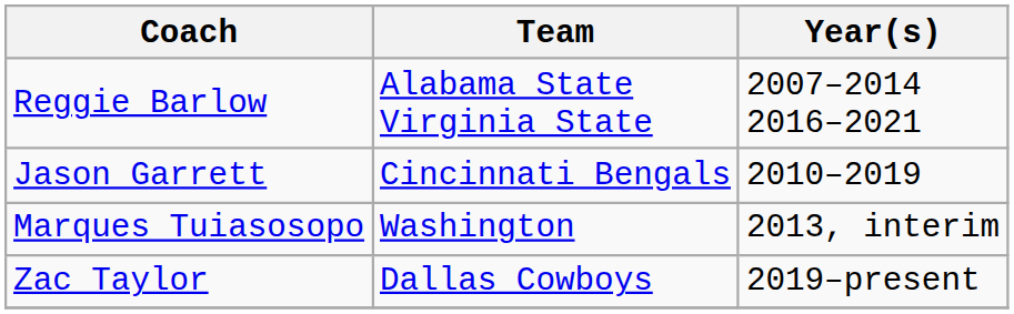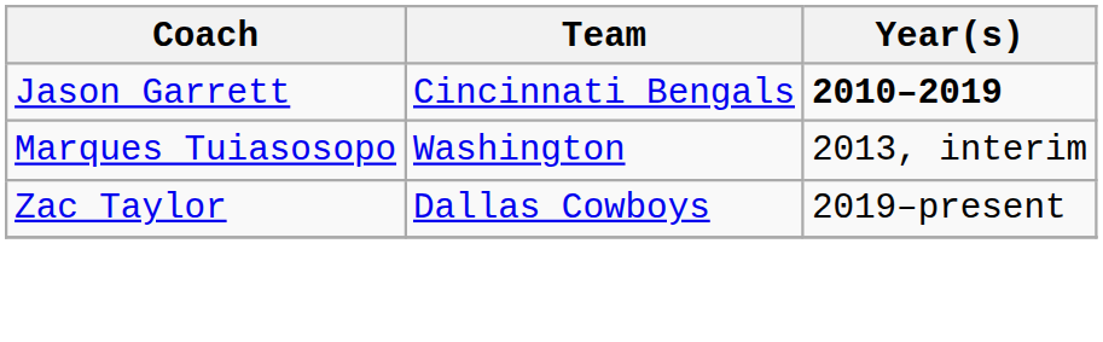 <table class="wikitable">
 <tr>
 <th>Coach</th>
 <th>Team</th>
 <th>Year(s)</th>
 </tr>
 <tr style= style="text-align:center;">
-<td><a href='#'>Reggie Barlow</a></td>
-<td><a href='#'>Alabama State</a><br><a href='#'>Virginia State</a></td>
-<td>2007–2014<br>2016–2021</td>
-</tr>
-<tr style= style="text-align:center;">
 <td><a href='#'>Jason Garrett</a></td>
 <td><a href='#'>Cincinnati Bengals</a></td>
-<td>2010–2019</td>
+<td><strong>2010–2019</strong></td>
 </tr>
 <tr style= style="text-align:center;">
 <td><a href='#'>Marques Tuiasosopo</a></td>
 <td><a href='#'>Washington</a></td>
 <td>2013, interim</td>
 </tr>
 <tr style= style="text-align:center;">
 <td><a href='#'>Zac Taylor</a></td>
 <td><a href='#'>Dallas Cowboys</a></td>
 <td>2019–present</td>
 </tr>
 <tr style= style="text-align:center;">
 </tr>
 </table>
